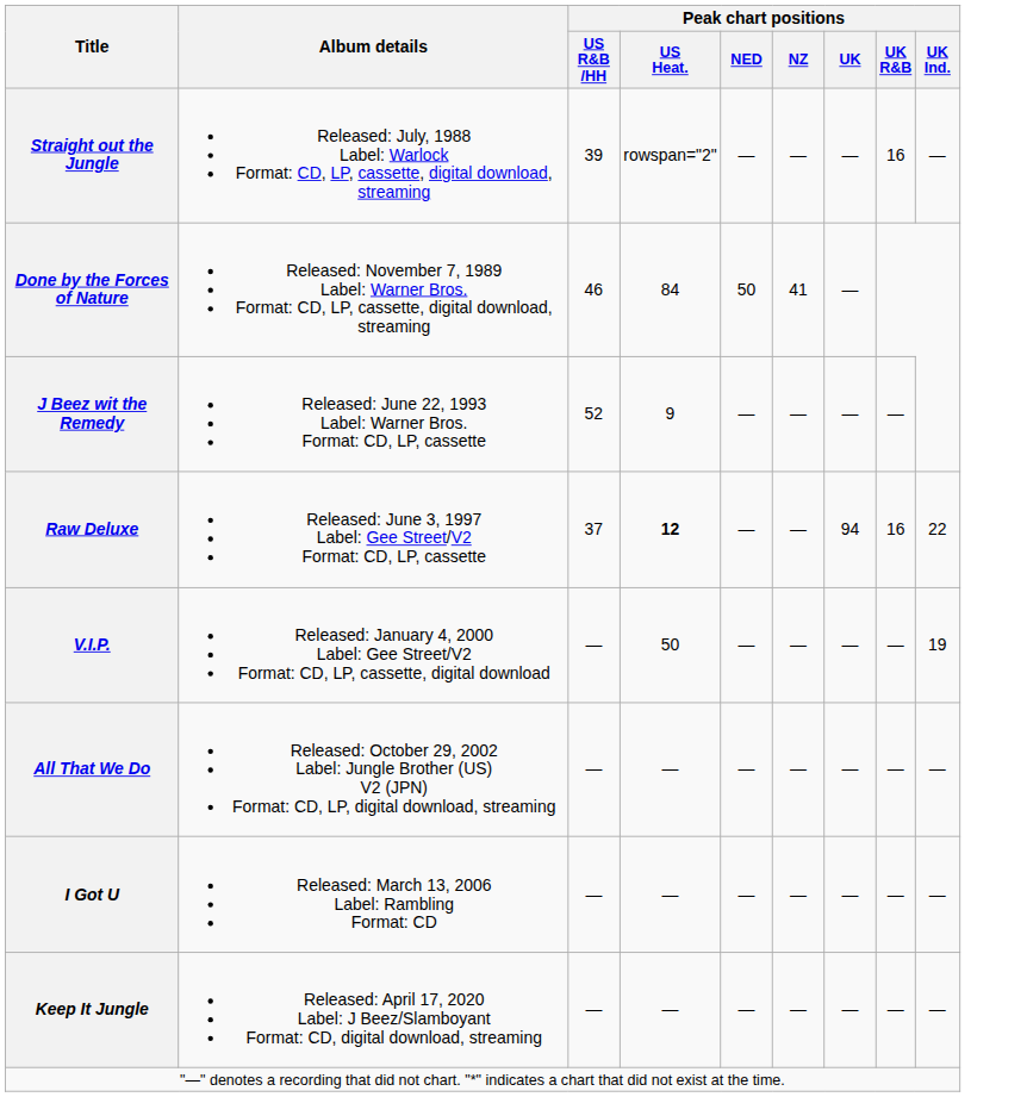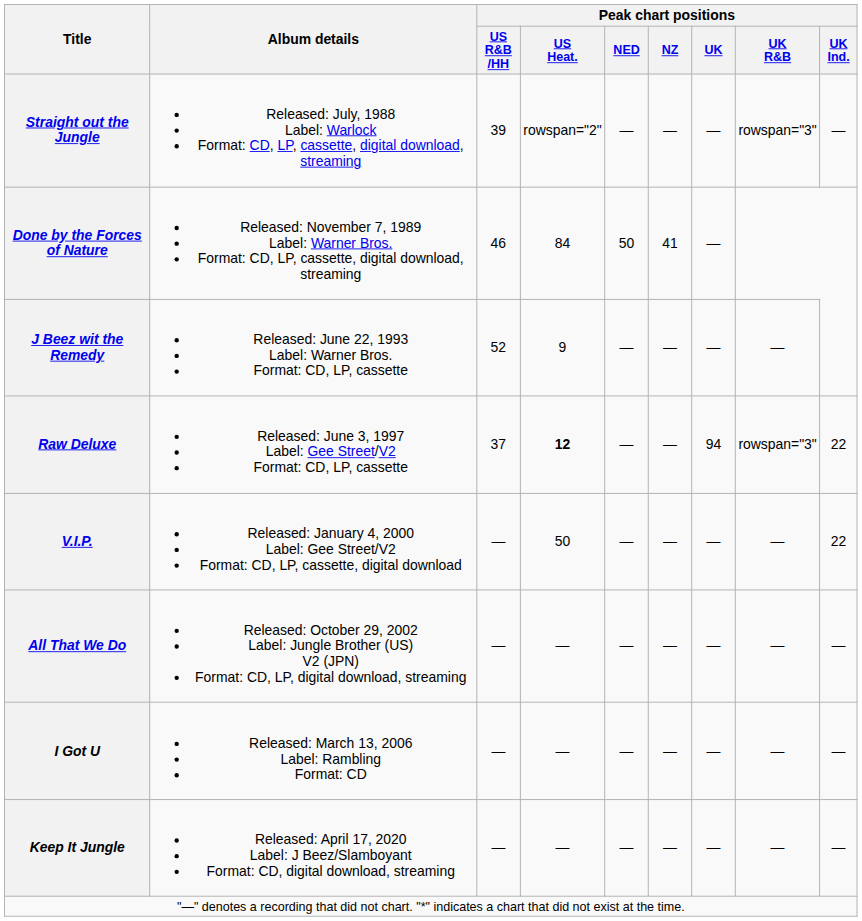 <table class="wikitable plainrowheaders" style="text-align:center;" border="1">
 <tr>
 <th scope="col" rowspan="2" style="width:10em;">Title</th>
 <th scope="col" rowspan="2" style="width:23em;">Album details</th>
 <th scope="col" colspan="7">Peak chart positions</th>
 </tr>
 <tr>
 <th scope="col" style="width:3em;font-size:90%;"><a href='#'>US<br>R&B<br>/HH</a><br></th>
 <th scope="col" style="width:3em;font-size:90%;"><a href='#'>US<br>Heat.</a><br></th>
 <th scope="col" style="width:3em;font-size:90%;"><a href='#'>NED</a><br></th>
 <th scope="col" style="width:3em;font-size:90%;"><a href='#'>NZ</a><br></th>
 <th scope="col" style="width:3em;font-size:90%;"><a href='#'>UK</a><br></th>
 <th style="width:2em;font-size:90%;"><a href='#'>UK<br>R&B</a><br></th>
 <th scope="col" style="width:2.5em;font-size:90%;"><a href='#'>UK Ind.</a><br></th>
 </tr>
 <tr>
 <th scope="row"><em><a href='#'>Straight out the Jungle</a></em></th>
 <td><br><ul><li>Released: July, 1988</li><li>Label: <a href='#'>Warlock</a></li><li>Format: <a href='#'>CD</a>, <a href='#'>LP</a>, <a href='#'>cassette</a>, <a href='#'>digital download</a>, <a href='#'>streaming</a></li></ul></td>
 <td>39</td>
 <td>rowspan="2" </td>
 <td>—</td>
 <td>—</td>
 <td>—</td>
-<td>16</td>
+<td>rowspan="3" </td>
 <td>—</td>
 </tr>
 <tr>
 <th scope="row"><em><a href='#'>Done by the Forces of Nature</a></em></th>
 <td><br><ul><li>Released: November 7, 1989</li><li>Label: <a href='#'>Warner Bros.</a></li><li>Format: CD, LP, cassette, digital download, streaming</li></ul></td>
 <td>46</td>
 <td>84</td>
 <td>50</td>
 <td>41</td>
 <td>—</td>
 </tr>
 <tr>
 <th scope="row"><em><a href='#'>J Beez wit the Remedy</a></em></th>
 <td><br><ul><li>Released: June 22, 1993</li><li>Label: Warner Bros.</li><li>Format: CD, LP, cassette</li></ul></td>
 <td>52</td>
 <td>9</td>
 <td>—</td>
 <td>—</td>
 <td>—</td>
 <td>—</td>
 </tr>
 <tr>
 <th scope="row"><em><a href='#'>Raw Deluxe</a></em></th>
 <td><br><ul><li>Released: June 3, 1997</li><li>Label: <a href='#'>Gee Street</a>/<a href='#'>V2</a></li><li>Format: CD, LP, cassette</li></ul></td>
 <td>37</td>
 <td><strong>12</strong></td>
 <td>—</td>
 <td>—</td>
 <td>94</td>
-<td>16</td>
+<td>rowspan="3" </td>
 <td>22</td>
 </tr>
 <tr>
 <th scope="row"><em><a href='#'>V.I.P.</a></em></th>
 <td><br><ul><li>Released: January 4, 2000</li><li>Label: Gee Street/V2</li><li>Format: CD, LP, cassette, digital download</li></ul></td>
 <td>—</td>
 <td>50</td>
 <td>—</td>
 <td>—</td>
 <td>—</td>
 <td>—</td>
-<td>19</td>
+<td>22</td>
 </tr>
 <tr>
 <th scope="row"><em><a href='#'>All That We Do</a></em></th>
 <td><br><ul><li>Released: October 29, 2002</li><li>Label: Jungle Brother (US)<br>V2 (JPN)</li><li>Format: CD, LP, digital download, streaming</li></ul></td>
 <td>—</td>
 <td>—</td>
 <td>—</td>
 <td>—</td>
 <td>—</td>
 <td>—</td>
 <td>—</td>
 </tr>
 <tr>
 <th scope="row"><em>I Got U</em></th>
 <td><br><ul><li>Released: March 13, 2006</li><li>Label: Rambling</li><li>Format: CD</li></ul></td>
 <td>—</td>
 <td>—</td>
 <td>—</td>
 <td>—</td>
 <td>—</td>
 <td>—</td>
 <td>—</td>
 </tr>
 <tr>
 <th scope="row"><em>Keep It Jungle</em></th>
 <td><br><ul><li>Released: April 17, 2020</li><li>Label: J Beez/Slamboyant</li><li>Format: CD, digital download, streaming</li></ul></td>
 <td>—</td>
 <td>—</td>
 <td>—</td>
 <td>—</td>
 <td>—</td>
 <td>—</td>
 <td>—</td>
 </tr>
 <tr>
 <td colspan="9" style="font-size:90%">"—" denotes a recording that did not chart. "*" indicates a chart that did not exist at the time.</td>
 </tr>
 </table>
